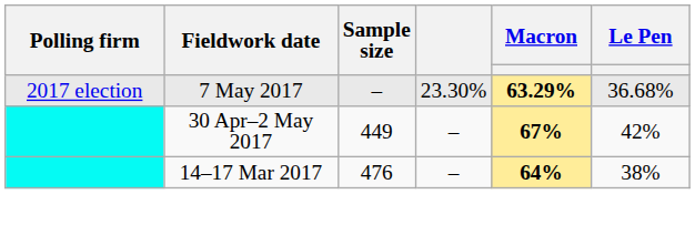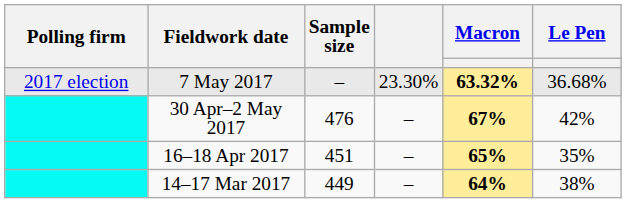 <table class="wikitable sortable" style="text-align:center;font-size:90%;line-height:14px;">
 <tr style="height:40px;">
 <th style="width:100px;" rowspan="2">Polling firm</th>
 <th style="width:110px;" rowspan="2">Fieldwork date</th>
 <th style="width:35px;" rowspan="2">Sample<br>size</th>
 <th style="width:30px;" rowspan="2"></th>
 <th class="unsortable" style="width:60px;"><a href='#'>Macron</a><br></th>
 <th class="unsortable" style="width:60px;"><a href='#'>Le Pen</a><br></th>
 </tr>
 <tr>
 <th style="background:"></th>
 <th style="background:"></th>
 </tr>
 <tr style="background:#E9E9E9;">
 <td><a href='#'>2017 election</a></td>
 <td data-sort-value="2017-05-07">7 May 2017</td>
 <td>–</td>
 <td>23.30%</td>
-<td style="background:#FFED99;"><strong>63.29%</strong></td>
+<td style="background:#FFED99;"><strong>63.32%</strong></td>
 <td>36.68%</td>
 </tr>
 <tr>
 <td style="background:#04FBF4;"></td>
 <td data-sort-value="2017-05-02">30 Apr–2 May 2017</td>
-<td>449</td>
+<td>476</td>
 <td>–</td>
 <td style="background:#FFED99;"><strong>67%</strong></td>
 <td>42%</td>
 </tr>
 <tr>
 <td style="background:#04FBF4;"></td>
+<td data-sort-value="2017-04-18">16–18 Apr 2017</td>
+<td>451</td>
+<td>–</td>
+<td style="background:#FFED99;"><strong>65%</strong></td>
+<td>35%</td>
+</tr>
+<tr>
+<td style="background:#04FBF4;"></td>
 <td data-sort-value="2017-03-17">14–17 Mar 2017</td>
-<td>476</td>
+<td>449</td>
 <td>–</td>
 <td style="background:#FFED99;"><strong>64%</strong></td>
 <td>38%</td>
 </tr>
 </table>
